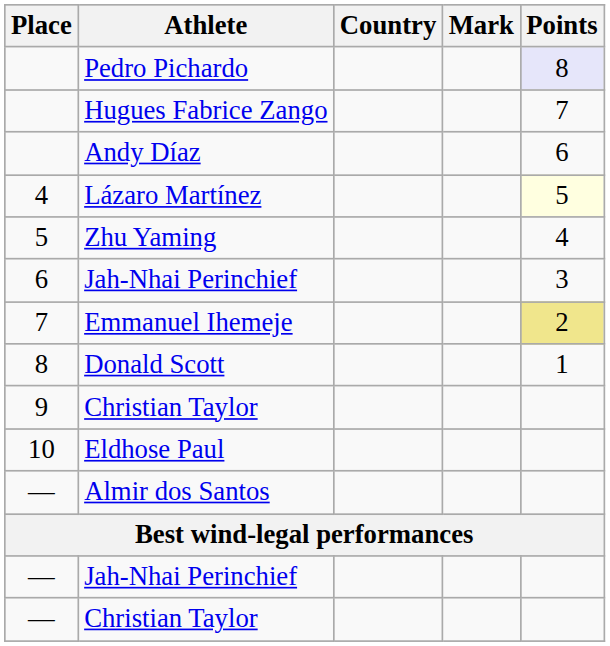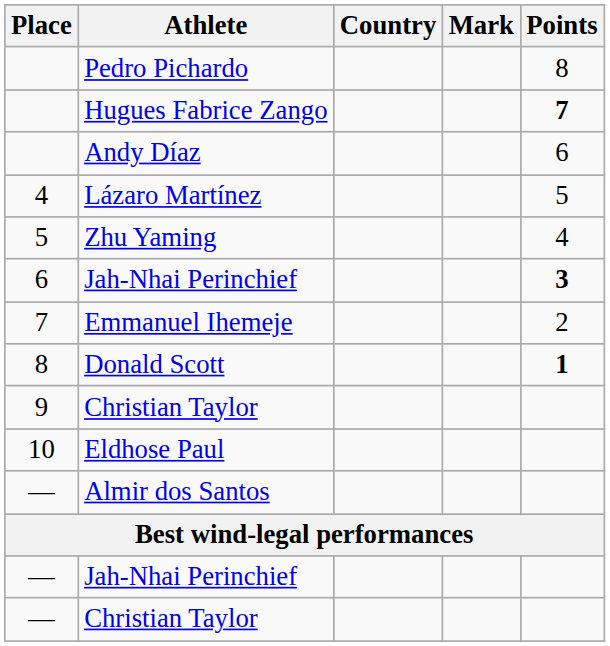 <table class="wikitable">
 <tr>
 <th>Place</th>
 <th>Athlete</th>
 <th>Country</th>
 <th>Mark</th>
 <th>Points</th>
 </tr>
 <tr>
 <td align=center></td>
 <td><a href='#'>Pedro Pichardo</a></td>
 <td></td>
 <td> </td>
-<td align=center style="background: lavender;">8</td>
+<td align=center>8</td>
 </tr>
 <tr>
 <td align=center></td>
 <td><a href='#'>Hugues Fabrice Zango</a></td>
 <td></td>
 <td> </td>
-<td align=center>7</td>
+<td align=center><strong>7</strong></td>
 </tr>
 <tr>
 <td align=center></td>
 <td><a href='#'>Andy Díaz</a></td>
 <td></td>
 <td> </td>
 <td align=center>6</td>
 </tr>
 <tr>
 <td align=center>4</td>
 <td><a href='#'>Lázaro Martínez</a></td>
 <td></td>
 <td> </td>
-<td align=center style="background: lightyellow;">5</td>
+<td align=center>5</td>
 </tr>
 <tr>
 <td align=center>5</td>
 <td><a href='#'>Zhu Yaming</a></td>
 <td></td>
 <td> </td>
 <td align=center>4</td>
 </tr>
 <tr>
 <td align=center>6</td>
 <td><a href='#'>Jah-Nhai Perinchief</a></td>
 <td></td>
 <td> </td>
-<td align=center>3</td>
+<td align=center><strong>3</strong></td>
 </tr>
 <tr>
 <td align=center>7</td>
 <td><a href='#'>Emmanuel Ihemeje</a></td>
 <td></td>
 <td> </td>
-<td align=center style="background: khaki;">2</td>
+<td align=center>2</td>
 </tr>
 <tr>
 <td align=center>8</td>
 <td><a href='#'>Donald Scott</a></td>
 <td></td>
 <td> </td>
-<td align=center>1</td>
+<td align=center><strong>1</strong></td>
 </tr>
 <tr>
 <td align=center>9</td>
 <td><a href='#'>Christian Taylor</a></td>
 <td></td>
 <td> </td>
 <td align=center></td>
 </tr>
 <tr>
 <td align=center>10</td>
 <td><a href='#'>Eldhose Paul</a></td>
 <td></td>
 <td> </td>
 <td align=center></td>
 </tr>
 <tr>
 <td align=center>—</td>
 <td><a href='#'>Almir dos Santos</a></td>
 <td></td>
 <td></td>
 <td align=center></td>
 </tr>
 <tr>
 <th align=center colspan=5>Best wind-legal performances</th>
 </tr>
 <tr>
 <td align=center>—</td>
 <td><a href='#'>Jah-Nhai Perinchief</a></td>
 <td></td>
 <td> </td>
 <td align=center></td>
 </tr>
 <tr>
 <td align=center>—</td>
 <td><a href='#'>Christian Taylor</a></td>
 <td></td>
 <td> </td>
 <td align=center></td>
 </tr>
 </table>
